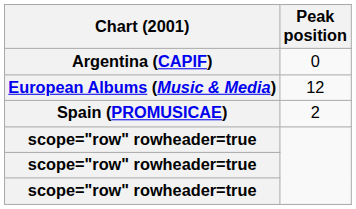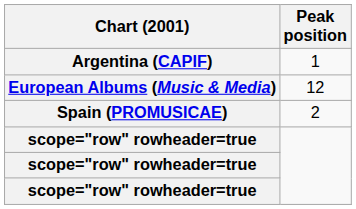 <table class="wikitable sortable plainrowheaders">
 <tr>
 <th>Chart (2001)</th>
 <th>Peak<br>position</th>
 </tr>
 <tr>
 <th scope="row">Argentina (<a href='#'>CAPIF</a>)</th>
-<td style="text-align:center;">0</td>
+<td style="text-align:center;">1</td>
 </tr>
 <tr>
 <th scope="row"><a href='#'>European Albums</a> (<em><a href='#'>Music & Media</a></em>)</th>
 <td align="center">12</td>
 </tr>
 <tr>
 <th scope="row">Spain (<a href='#'>PROMUSICAE</a>)</th>
 <td style="text-align:center;">2</td>
 </tr>
 <tr>
 <th>scope="row" rowheader=true</th>
 </tr>
 <tr>
 <th>scope="row" rowheader=true</th>
 </tr>
 <tr>
 <th>scope="row" rowheader=true</th>
 </tr>
 </table>
